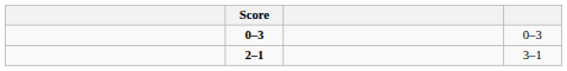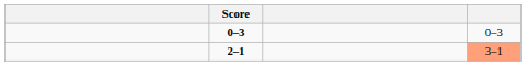 <table class="wikitable" style="text-align: center; ">
 <tr>
 <th align="right" width="270"></th>
 <th width="65">Score</th>
 <th align="left" width="270"></th>
 <th width="65"></th>
 </tr>
 <tr>
 <td align="left"></td>
 <td><strong>0–3</strong></td>
 <td align="left"><strong></strong></td>
 <td>0–3 <strong></strong></td>
 </tr>
 <tr>
 <td align="left"><strong></strong></td>
 <td><strong>2–1</strong></td>
 <td align="left"></td>
-<td>3–1 <strong></strong></td>
+<td style="background: lightsalmon;">3–1 <strong></strong></td>
 </tr>
 </table>
